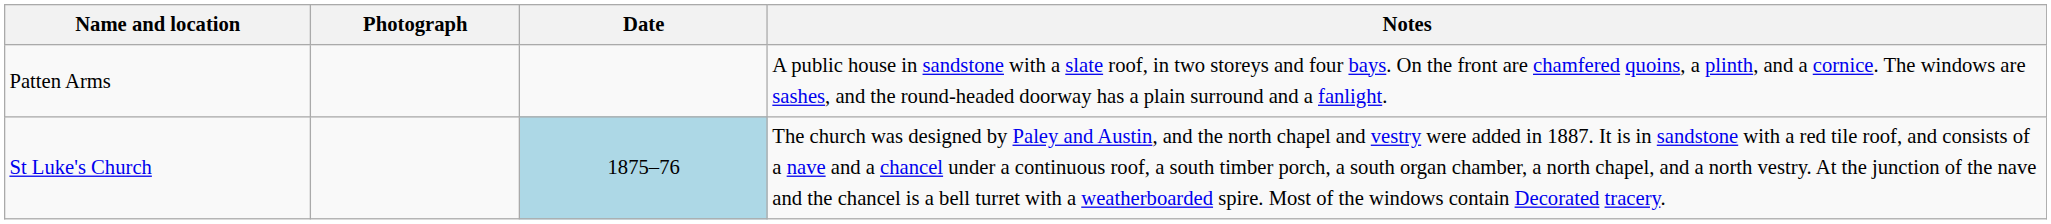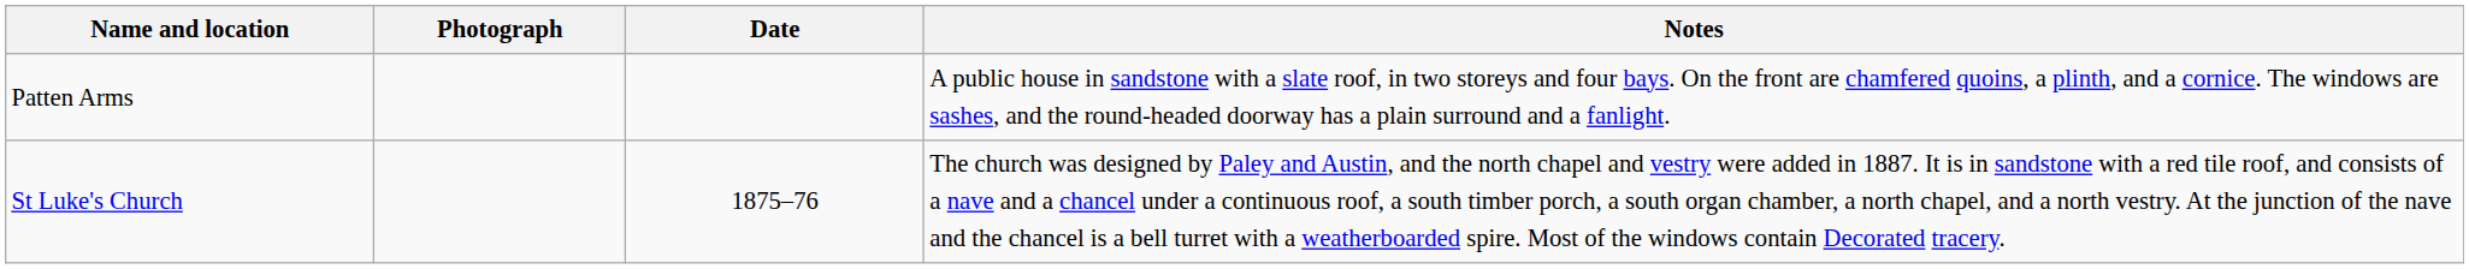 <table class="wikitable sortable plainrowheaders" style="width:100%;border:0px;text-align:left;line-height:150%;">
 <tr>
 <th scope="col"  style="width:150px">Name and location</th>
 <th scope="col"  style="width:100px" class="unsortable">Photograph</th>
 <th scope="col"  style="width:120px">Date</th>
 <th scope="col"  style="width:650px" class="unsortable">Notes</th>
 </tr>
 <tr>
 <td>Patten Arms<br><small></small></td>
 <td></td>
 <td align="center"></td>
 <td>A public house in <a href='#'>sandstone</a> with a <a href='#'>slate</a> roof, in two storeys and four <a href='#'>bays</a>.  On the front are <a href='#'>chamfered</a> <a href='#'>quoins</a>, a <a href='#'>plinth</a>, and a <a href='#'>cornice</a>.  The windows are <a href='#'>sashes</a>, and the round-headed doorway has a plain surround and a <a href='#'>fanlight</a>.</td>
 </tr>
 <tr>
 <td><a href='#'>St Luke's Church</a><br><small></small></td>
 <td></td>
-<td align="center" style="background: lightblue;">1875–76</td>
+<td align="center">1875–76</td>
 <td>The church was designed by <a href='#'>Paley and Austin</a>, and the north chapel and <a href='#'>vestry</a> were added in 1887.  It is in <a href='#'>sandstone</a> with a red tile roof, and consists of a <a href='#'>nave</a> and a <a href='#'>chancel</a> under a continuous roof, a south timber porch, a south organ chamber, a north chapel, and a north vestry.  At the junction of the nave and the chancel is a bell turret with a <a href='#'>weatherboarded</a> spire.  Most of the windows contain <a href='#'>Decorated</a> <a href='#'>tracery</a>.</td>
 </tr>
 <tr>
 </tr>
 </table>
